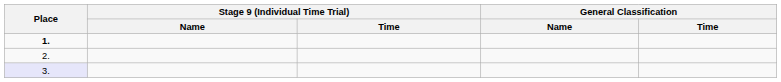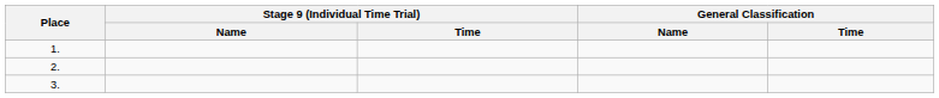 <table class=wikitable style="font-size:95%" width="80%">
 <tr>
 <th rowspan="2">Place</th>
 <th colspan="2">Stage 9 (Individual Time Trial)</th>
 <th colspan="2">General Classification</th>
 </tr>
 <tr>
 <th>Name</th>
 <th>Time</th>
 <th>Name</th>
 <th>Time</th>
 </tr>
 <tr>
-<td align="center"><strong>1.</strong></td>
+<td align="center">1.</td>
 <td></td>
 <td></td>
 <td></td>
 <td></td>
 </tr>
 <tr>
 <td align="center">2.</td>
 <td></td>
 <td></td>
 <td></td>
 <td></td>
 </tr>
 <tr>
-<td align="center" style="background: lavender;">3.</td>
+<td align="center">3.</td>
 <td></td>
 <td></td>
 <td></td>
 <td></td>
 </tr>
 </table>
